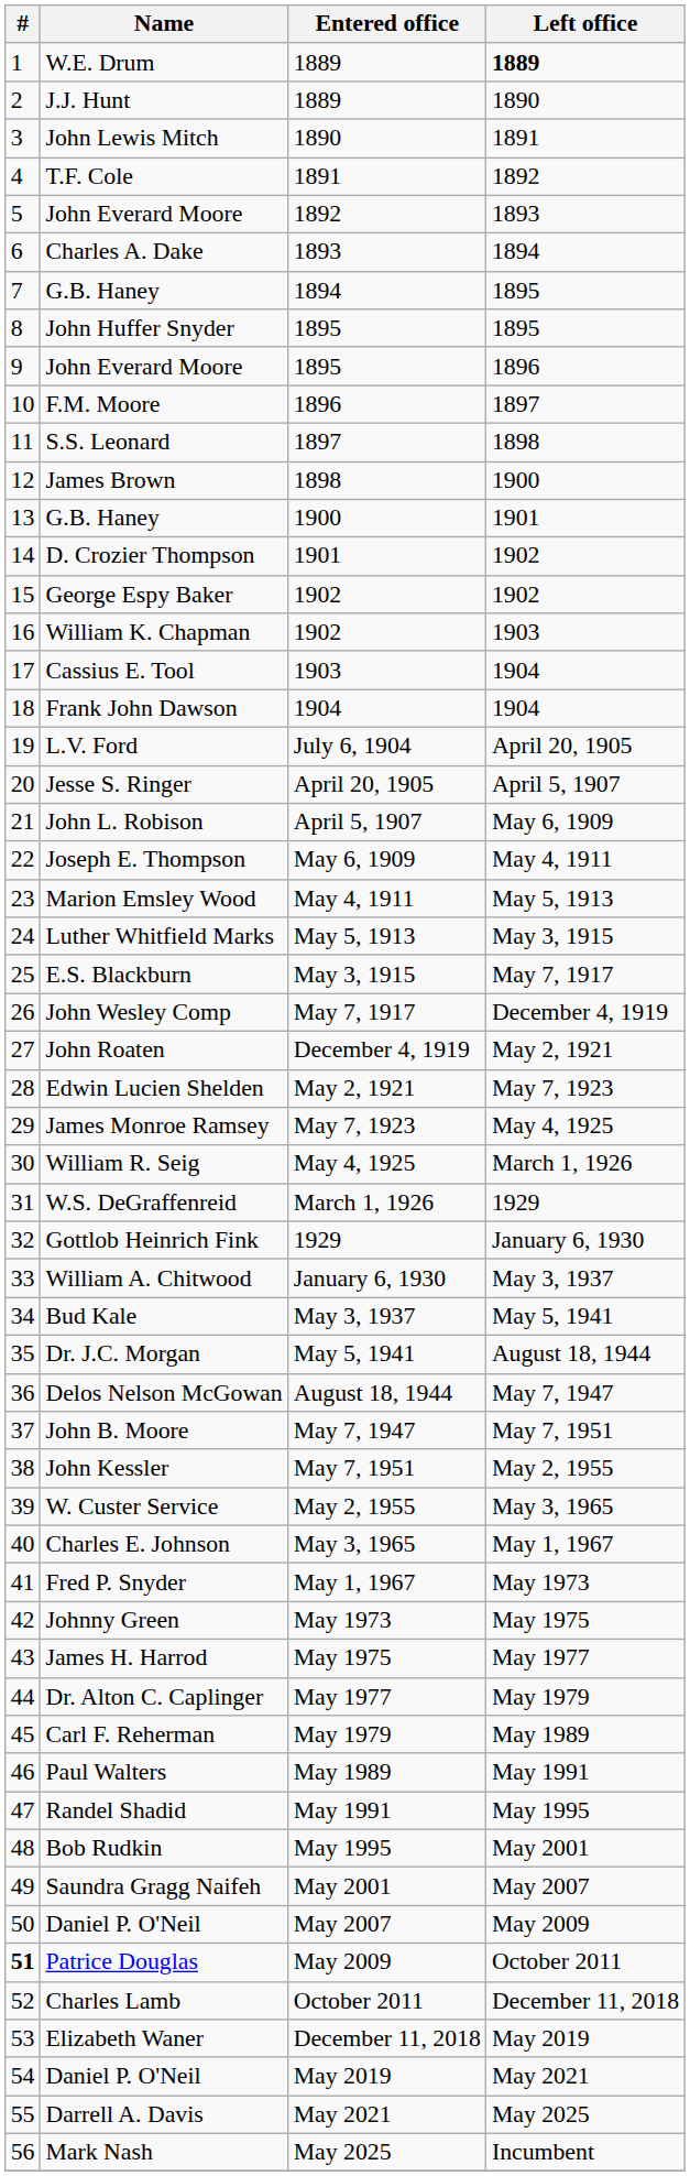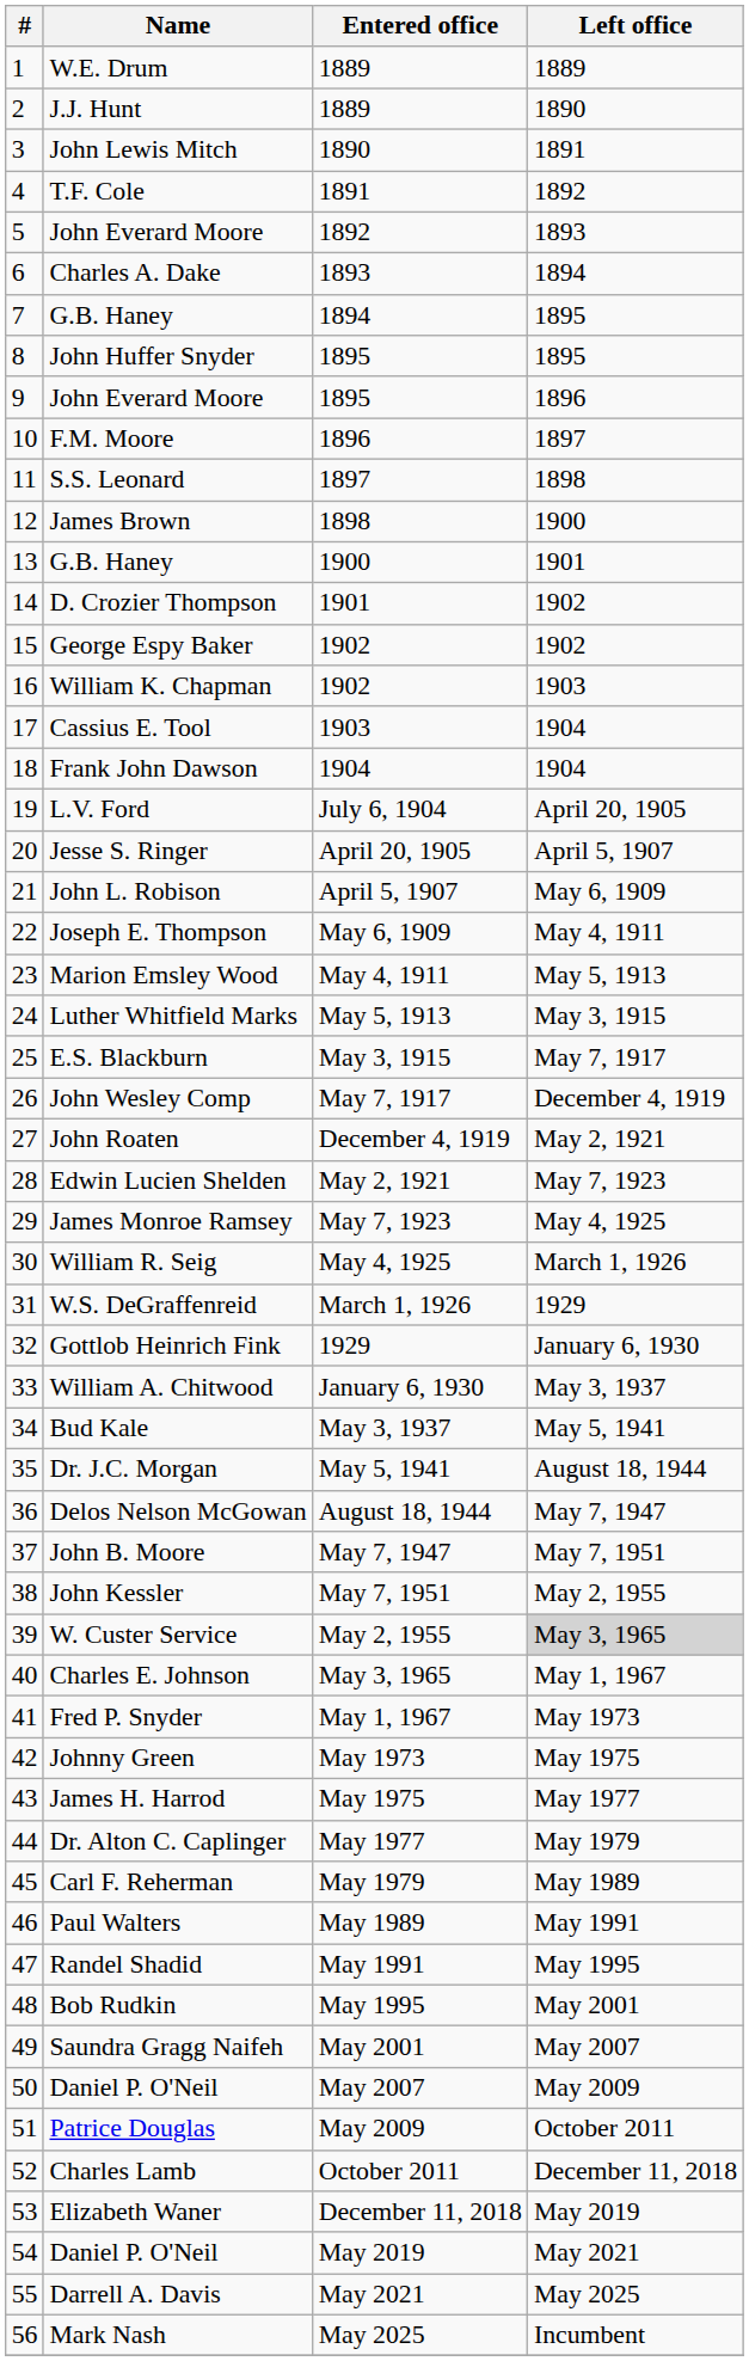 <table class="wikitable">
 <tr>
 <th>#</th>
 <th>Name </th>
 <th>Entered office</th>
 <th>Left office</th>
 </tr>
 <tr>
 <td>1</td>
 <td>W.E. Drum</td>
 <td>1889</td>
-<td><strong>1889</strong></td>
+<td>1889</td>
 </tr>
 <tr>
 <td>2</td>
 <td>J.J. Hunt</td>
 <td>1889</td>
 <td>1890</td>
 </tr>
 <tr>
 <td>3</td>
 <td>John Lewis Mitch</td>
 <td>1890</td>
 <td>1891</td>
 </tr>
 <tr>
 <td>4</td>
 <td>T.F. Cole</td>
 <td>1891</td>
 <td>1892</td>
 </tr>
 <tr>
 <td>5</td>
 <td>John Everard Moore</td>
 <td>1892</td>
 <td>1893</td>
 </tr>
 <tr>
 <td>6</td>
 <td>Charles A. Dake</td>
 <td>1893</td>
 <td>1894</td>
 </tr>
 <tr>
 <td>7</td>
 <td>G.B. Haney</td>
 <td>1894</td>
 <td>1895</td>
 </tr>
 <tr>
 <td>8</td>
 <td>John Huffer Snyder</td>
 <td>1895</td>
 <td>1895</td>
 </tr>
 <tr>
 <td>9</td>
 <td>John Everard Moore</td>
 <td>1895</td>
 <td>1896</td>
 </tr>
 <tr>
 <td>10</td>
 <td>F.M. Moore</td>
 <td>1896</td>
 <td>1897</td>
 </tr>
 <tr>
 <td>11</td>
 <td>S.S. Leonard</td>
 <td>1897</td>
 <td>1898</td>
 </tr>
 <tr>
 <td>12</td>
 <td>James Brown</td>
 <td>1898</td>
 <td>1900</td>
 </tr>
 <tr>
 <td>13</td>
 <td>G.B. Haney</td>
 <td>1900</td>
 <td>1901</td>
 </tr>
 <tr>
 <td>14</td>
 <td>D. Crozier Thompson</td>
 <td>1901</td>
 <td>1902</td>
 </tr>
 <tr>
 <td>15</td>
 <td>George Espy Baker</td>
 <td>1902</td>
 <td>1902</td>
 </tr>
 <tr>
 <td>16</td>
 <td>William K. Chapman</td>
 <td>1902</td>
 <td>1903</td>
 </tr>
 <tr>
 <td>17</td>
 <td>Cassius E. Tool</td>
 <td>1903</td>
 <td>1904</td>
 </tr>
 <tr>
 <td>18</td>
 <td>Frank John Dawson</td>
 <td>1904</td>
 <td>1904</td>
 </tr>
 <tr>
 <td>19</td>
 <td>L.V. Ford</td>
 <td>July 6, 1904</td>
 <td>April 20, 1905</td>
 </tr>
 <tr>
 <td>20</td>
 <td>Jesse S. Ringer</td>
 <td>April 20, 1905</td>
 <td>April 5, 1907</td>
 </tr>
 <tr>
 <td>21</td>
 <td>John L. Robison</td>
 <td>April 5, 1907</td>
 <td>May 6, 1909</td>
 </tr>
 <tr>
 <td>22</td>
 <td>Joseph E. Thompson</td>
 <td>May 6, 1909</td>
 <td>May 4, 1911</td>
 </tr>
 <tr>
 <td>23</td>
 <td>Marion Emsley Wood</td>
 <td>May 4, 1911</td>
 <td>May 5, 1913</td>
 </tr>
 <tr>
 <td>24</td>
 <td>Luther Whitfield Marks</td>
 <td>May 5, 1913</td>
 <td>May 3, 1915</td>
 </tr>
 <tr>
 <td>25</td>
 <td>E.S. Blackburn</td>
 <td>May 3, 1915</td>
 <td>May 7, 1917</td>
 </tr>
 <tr>
 <td>26</td>
 <td>John Wesley Comp</td>
 <td>May 7, 1917</td>
 <td>December 4, 1919</td>
 </tr>
 <tr>
 <td>27</td>
 <td>John Roaten</td>
 <td>December 4, 1919</td>
 <td>May 2, 1921</td>
 </tr>
 <tr>
 <td>28</td>
 <td>Edwin Lucien Shelden</td>
 <td>May 2, 1921</td>
 <td>May 7, 1923</td>
 </tr>
 <tr>
 <td>29</td>
 <td>James Monroe Ramsey</td>
 <td>May 7, 1923</td>
 <td>May 4, 1925</td>
 </tr>
 <tr>
 <td>30</td>
 <td>William R. Seig</td>
 <td>May 4, 1925</td>
 <td>March 1, 1926</td>
 </tr>
 <tr>
 <td>31</td>
 <td>W.S. DeGraffenreid</td>
 <td>March 1, 1926</td>
 <td>1929</td>
 </tr>
 <tr>
 <td>32</td>
 <td>Gottlob Heinrich Fink</td>
 <td>1929</td>
 <td>January 6, 1930</td>
 </tr>
 <tr>
 <td>33</td>
 <td>William A. Chitwood</td>
 <td>January 6, 1930</td>
 <td>May 3, 1937</td>
 </tr>
 <tr>
 <td>34</td>
 <td>Bud Kale</td>
 <td>May 3, 1937</td>
 <td>May 5, 1941</td>
 </tr>
 <tr>
 <td>35</td>
 <td>Dr. J.C. Morgan</td>
 <td>May 5, 1941</td>
 <td>August 18, 1944</td>
 </tr>
 <tr>
 <td>36</td>
 <td>Delos Nelson McGowan</td>
 <td>August 18, 1944</td>
 <td>May 7, 1947</td>
 </tr>
 <tr>
 <td>37</td>
 <td>John B. Moore</td>
 <td>May 7, 1947</td>
 <td>May 7, 1951</td>
 </tr>
 <tr>
 <td>38</td>
 <td>John Kessler</td>
 <td>May 7, 1951</td>
 <td>May 2, 1955</td>
 </tr>
 <tr>
 <td>39</td>
 <td>W. Custer Service</td>
 <td>May 2, 1955</td>
-<td>May 3, 1965</td>
+<td style="background: lightgrey;">May 3, 1965</td>
 </tr>
 <tr>
 <td>40</td>
 <td>Charles E. Johnson</td>
 <td>May 3, 1965</td>
 <td>May 1, 1967</td>
 </tr>
 <tr>
 <td>41</td>
 <td>Fred P. Snyder</td>
 <td>May 1, 1967</td>
 <td>May 1973</td>
 </tr>
 <tr>
 <td>42</td>
 <td>Johnny Green</td>
 <td>May 1973</td>
 <td>May 1975</td>
 </tr>
 <tr>
 <td>43</td>
 <td>James H. Harrod</td>
 <td>May 1975</td>
 <td>May 1977</td>
 </tr>
 <tr>
 <td>44</td>
 <td>Dr. Alton C. Caplinger</td>
 <td>May 1977</td>
 <td>May 1979</td>
 </tr>
 <tr>
 <td>45</td>
 <td>Carl F. Reherman</td>
 <td>May 1979</td>
 <td>May 1989</td>
 </tr>
 <tr>
 <td>46</td>
 <td>Paul Walters</td>
 <td>May 1989</td>
 <td>May 1991</td>
 </tr>
 <tr>
 <td>47</td>
 <td>Randel Shadid</td>
 <td>May 1991</td>
 <td>May 1995</td>
 </tr>
 <tr>
 <td>48</td>
 <td>Bob Rudkin</td>
 <td>May 1995</td>
 <td>May 2001</td>
 </tr>
 <tr>
 <td>49</td>
 <td>Saundra Gragg Naifeh</td>
 <td>May 2001</td>
 <td>May 2007</td>
 </tr>
 <tr>
 <td>50</td>
 <td>Daniel P. O'Neil</td>
 <td>May 2007</td>
 <td>May 2009</td>
 </tr>
 <tr>
-<td><strong>51</strong></td>
+<td>51</td>
 <td><a href='#'>Patrice Douglas</a></td>
 <td>May 2009</td>
 <td>October 2011</td>
 </tr>
 <tr>
 <td>52</td>
 <td>Charles Lamb</td>
 <td>October 2011</td>
 <td>December 11, 2018</td>
 </tr>
 <tr>
 <td>53</td>
 <td>Elizabeth Waner</td>
 <td>December 11, 2018</td>
 <td>May 2019</td>
 </tr>
 <tr>
 <td>54</td>
 <td>Daniel P. O'Neil</td>
 <td>May 2019</td>
 <td>May 2021</td>
 </tr>
 <tr>
 <td>55</td>
 <td>Darrell A. Davis</td>
 <td>May 2021</td>
 <td>May 2025</td>
 </tr>
 <tr>
 <td>56</td>
 <td>Mark Nash</td>
 <td>May 2025</td>
 <td>Incumbent</td>
 </tr>
 <tr>
 </tr>
 </table>
